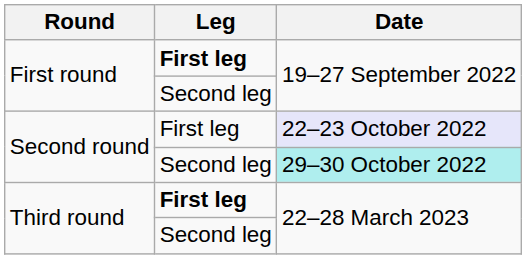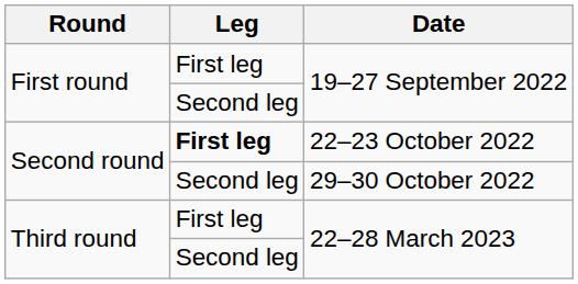 <table class="wikitable">
 <tr>
 <th>Round</th>
 <th>Leg</th>
 <th>Date</th>
 </tr>
 <tr>
 <td rowspan=2>First round</td>
-<td><strong>First leg</strong></td>
+<td>First leg</td>
 <td rowspan=2>19–27 September 2022</td>
 </tr>
 <tr>
 <td>Second leg</td>
 </tr>
 <tr>
 <td rowspan=2>Second round</td>
-<td>First leg</td>
-<td rowspan=1 style="background: lavender;">22–23 October 2022</td>
+<td><strong>First leg</strong></td>
+<td rowspan=1>22–23 October 2022</td>
 </tr>
 <tr>
 <td>Second leg</td>
-<td rowspan=1 style="background: paleturquoise;">29–30 October 2022</td>
+<td rowspan=1>29–30 October 2022</td>
 </tr>
 <tr>
 <td rowspan=2>Third round</td>
-<td><strong>First leg</strong></td>
+<td>First leg</td>
 <td rowspan=2>22–28 March 2023</td>
 </tr>
 <tr>
 <td>Second leg</td>
 </tr>
 </table>
